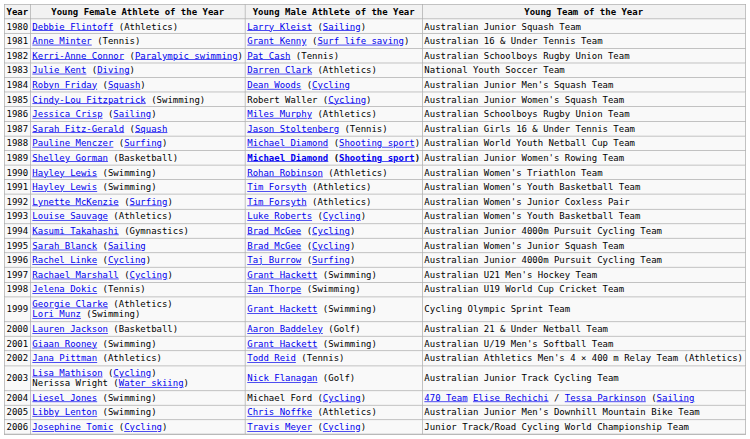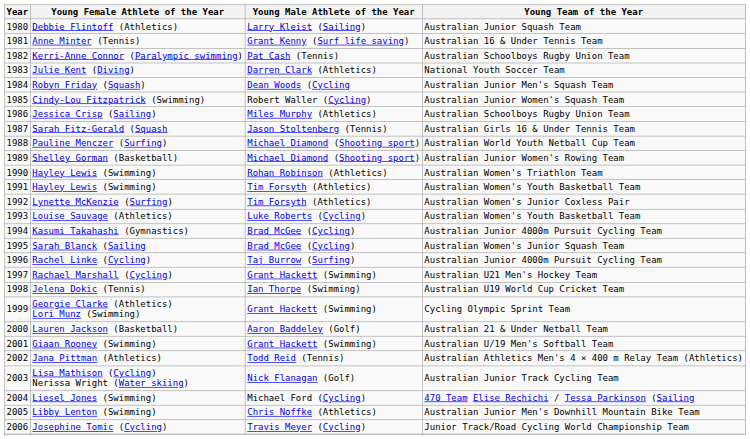 <table class="wikitable sortable">
 <tr>
 <th>Year</th>
 <th>Young Female Athlete of the Year</th>
 <th>Young Male Athlete of the Year</th>
 <th>Young Team of the Year</th>
 </tr>
 <tr>
 <td>1980</td>
 <td><a href='#'>Debbie Flintoff</a> (Athletics)</td>
 <td><a href='#'>Larry Kleist</a> (<a href='#'>Sailing</a>)</td>
 <td>Australian Junior Squash Team</td>
 </tr>
 <tr>
 <td>1981</td>
 <td><a href='#'>Anne Minter</a> (Tennis)</td>
 <td><a href='#'>Grant Kenny</a> (<a href='#'>Surf life saving</a>)</td>
 <td>Australian 16 & Under Tennis Team</td>
 </tr>
 <tr>
 <td>1982</td>
 <td><a href='#'>Kerri-Anne Connor</a> (<a href='#'>Paralympic swimming</a>)</td>
 <td><a href='#'>Pat Cash</a> (Tennis)</td>
 <td>Australian Schoolboys Rugby Union Team</td>
 </tr>
 <tr>
 <td>1983</td>
 <td><a href='#'>Julie Kent</a> (<a href='#'>Diving</a>)</td>
 <td><a href='#'>Darren Clark</a> (Athletics)</td>
 <td>National Youth Soccer Team</td>
 </tr>
 <tr>
 <td>1984</td>
 <td><a href='#'>Robyn Friday</a> (<a href='#'>Squash</a>)</td>
 <td><a href='#'>Dean Woods</a> (<a href='#'>Cycling</a></td>
 <td>Australian Junior Men's Squash Team</td>
 </tr>
 <tr>
 <td>1985</td>
 <td><a href='#'>Cindy-Lou Fitzpatrick</a> (Swimming)</td>
 <td>Robert Waller (<a href='#'>Cycling</a>)</td>
 <td>Australian Junior Women's Squash Team</td>
 </tr>
 <tr>
 <td>1986</td>
 <td><a href='#'>Jessica Crisp</a> (<a href='#'>Sailing</a>)</td>
 <td><a href='#'>Miles Murphy</a> (Athletics)</td>
 <td>Australian Schoolboys Rugby Union Team</td>
 </tr>
 <tr>
 <td>1987</td>
 <td><a href='#'>Sarah Fitz-Gerald</a> (<a href='#'>Squash</a></td>
 <td><a href='#'>Jason Stoltenberg</a> (Tennis)</td>
 <td>Australian Girls 16 & Under Tennis Team</td>
 </tr>
 <tr>
 <td>1988</td>
 <td><a href='#'>Pauline Menczer</a> (<a href='#'>Surfing</a>)</td>
 <td><a href='#'>Michael Diamond</a> (<a href='#'>Shooting sport</a>)</td>
 <td>Australian World Youth Netball Cup Team</td>
 </tr>
 <tr>
 <td>1989</td>
 <td><a href='#'>Shelley Gorman</a> (Basketball)</td>
-<td><strong><a href='#'>Michael Diamond</a> (<a href='#'>Shooting sport</a>)</strong></td>
+<td><a href='#'>Michael Diamond</a> (<a href='#'>Shooting sport</a>)</td>
 <td>Australian Junior Women's Rowing Team</td>
 </tr>
 <tr>
 <td>1990</td>
 <td><a href='#'>Hayley Lewis</a> (Swimming)</td>
 <td><a href='#'>Rohan Robinson</a> (Athletics)</td>
 <td>Australian Women's Triathlon Team</td>
 </tr>
 <tr>
 <td>1991</td>
 <td><a href='#'>Hayley Lewis</a> (Swimming)</td>
 <td><a href='#'>Tim Forsyth</a> (Athletics)</td>
 <td>Australian Women's Youth Basketball Team</td>
 </tr>
 <tr>
 <td>1992</td>
 <td><a href='#'>Lynette McKenzie</a> (<a href='#'>Surfing</a>)</td>
 <td><a href='#'>Tim Forsyth</a> (Athletics)</td>
 <td>Australian Women's Junior Coxless Pair</td>
 </tr>
 <tr>
 <td>1993</td>
 <td><a href='#'>Louise Sauvage</a> (Athletics)</td>
 <td><a href='#'>Luke Roberts</a> (<a href='#'>Cycling</a>)</td>
 <td>Australian Women's Youth Basketball Team</td>
 </tr>
 <tr>
 <td>1994</td>
 <td><a href='#'>Kasumi Takahashi</a> (Gymnastics)</td>
 <td><a href='#'>Brad McGee</a> (<a href='#'>Cycling</a>)</td>
 <td>Australian Junior 4000m Pursuit Cycling Team</td>
 </tr>
 <tr>
 <td>1995</td>
 <td><a href='#'>Sarah Blanck</a> (<a href='#'>Sailing</a></td>
 <td><a href='#'>Brad McGee</a> (<a href='#'>Cycling</a>)</td>
 <td>Australian Women's Junior Squash Team</td>
 </tr>
 <tr>
 <td>1996</td>
 <td><a href='#'>Rachel Linke</a> (<a href='#'>Cycling</a>)</td>
 <td><a href='#'>Taj Burrow</a> (<a href='#'>Surfing</a>)</td>
 <td>Australian Junior 4000m Pursuit Cycling Team</td>
 </tr>
 <tr>
 <td>1997</td>
 <td><a href='#'>Rachael Marshall</a> (<a href='#'>Cycling</a>)</td>
 <td><a href='#'>Grant Hackett</a> (Swimming)</td>
 <td>Australian U21 Men's Hockey Team</td>
 </tr>
 <tr>
 <td>1998</td>
 <td><a href='#'>Jelena Dokic</a> (Tennis)</td>
 <td><a href='#'>Ian Thorpe</a> (Swimming)</td>
 <td>Australian U19 World Cup Cricket Team</td>
 </tr>
 <tr>
 <td>1999</td>
 <td><a href='#'>Georgie Clarke</a> (Athletics) <br> <a href='#'>Lori Munz</a> (Swimming)</td>
 <td><a href='#'>Grant Hackett</a> (Swimming)</td>
 <td>Cycling Olympic Sprint Team</td>
 </tr>
 <tr>
 <td>2000</td>
 <td><a href='#'>Lauren Jackson</a> (Basketball)</td>
 <td><a href='#'>Aaron Baddeley</a> (Golf)</td>
 <td>Australian 21 & Under Netball Team</td>
 </tr>
 <tr>
 <td>2001</td>
 <td><a href='#'>Giaan Rooney</a> (Swimming)</td>
 <td><a href='#'>Grant Hackett</a> (Swimming)</td>
 <td>Australian U/19 Men's Softball Team</td>
 </tr>
 <tr>
 <td>2002</td>
 <td><a href='#'>Jana Pittman</a> (Athletics)</td>
 <td><a href='#'>Todd Reid</a> (Tennis)</td>
 <td>Australian Athletics Men's 4 × 400 m Relay Team (Athletics)</td>
 </tr>
 <tr>
 <td>2003</td>
 <td><a href='#'>Lisa Mathison</a> (<a href='#'>Cycling</a>)   <br> Nerissa Wright (<a href='#'>Water skiing</a>)</td>
 <td><a href='#'>Nick Flanagan</a> (Golf)</td>
 <td>Australian Junior Track Cycling Team</td>
 </tr>
 <tr>
 <td>2004</td>
 <td><a href='#'>Liesel Jones</a> (Swimming)</td>
 <td>Michael Ford (<a href='#'>Cycling</a>)</td>
 <td><a href='#'>470 Team</a> <a href='#'>Elise Rechichi</a> / <a href='#'>Tessa Parkinson</a> (<a href='#'>Sailing</a></td>
 </tr>
 <tr>
 <td>2005</td>
 <td><a href='#'>Libby Lenton</a> (Swimming)</td>
 <td><a href='#'>Chris Noffke</a> (Athletics)</td>
 <td>Australian Junior Men's Downhill Mountain Bike Team</td>
 </tr>
 <tr>
 <td>2006</td>
 <td><a href='#'>Josephine Tomic</a> (<a href='#'>Cycling</a>)</td>
 <td><a href='#'>Travis Meyer</a> (<a href='#'>Cycling</a>)</td>
 <td>Junior Track/Road Cycling World Championship Team</td>
 </tr>
 <tr>
 </tr>
 </table>
